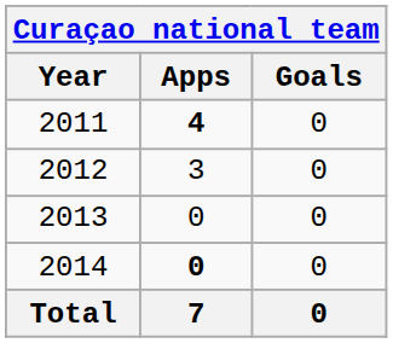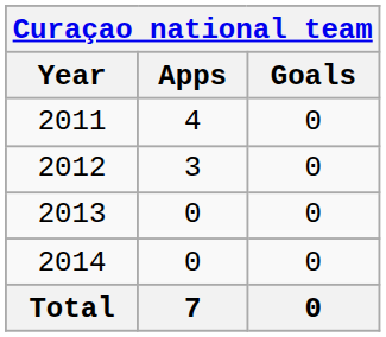 <table class="wikitable" style="text-align:center">
 <tr>
 <th colspan=3><a href='#'>Curaçao national team</a></th>
 </tr>
 <tr>
 <th>Year</th>
 <th>Apps</th>
 <th>Goals</th>
 </tr>
 <tr>
 <td>2011</td>
-<td><strong>4</strong></td>
+<td>4</td>
 <td>0</td>
 </tr>
 <tr>
 <td>2012</td>
 <td>3</td>
 <td>0</td>
 </tr>
 <tr>
 <td>2013</td>
 <td>0</td>
 <td>0</td>
 </tr>
 <tr>
 <td>2014</td>
-<td><strong>0</strong></td>
+<td>0</td>
 <td>0</td>
 </tr>
 <tr>
 <th>Total</th>
 <th>7</th>
 <th>0</th>
 </tr>
 </table>
